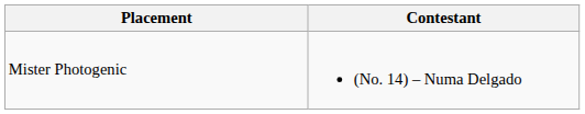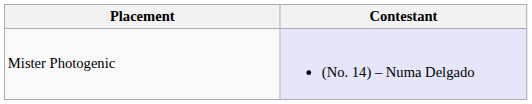 <table class="wikitable sortable" style="font-size: 95%;">
 <tr>
 <th width="280">Placement</th>
 <th width="250">Contestant</th>
 </tr>
 <tr>
 <td>Mister Photogenic</td>
-<td><br><ul><li> (No. 14) – Numa Delgado</li></ul></td>
+<td style="background: lavender;"><br><ul><li> (No. 14) – Numa Delgado</li></ul></td>
 </tr>
 </table>
